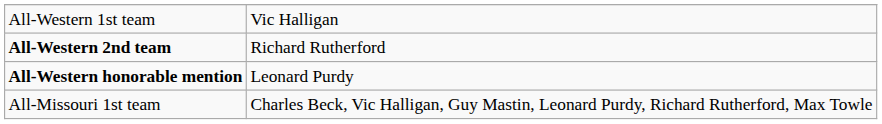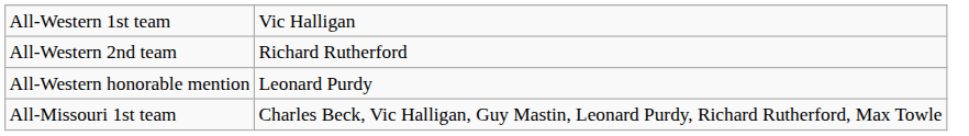 <table class="wikitable" style="font-size: 95%">
 <tr>
 </tr>
 <tr>
 <td>All-Western 1st team</td>
 <td>Vic Halligan</td>
 </tr>
 <tr>
-<td><strong>All-Western 2nd team</strong></td>
+<td>All-Western 2nd team</td>
 <td>Richard Rutherford</td>
 </tr>
 <tr>
-<td><strong>All-Western honorable mention</strong></td>
+<td>All-Western honorable mention</td>
 <td>Leonard Purdy</td>
 </tr>
 <tr>
 <td>All-Missouri 1st team</td>
 <td>Charles Beck, Vic Halligan, Guy Mastin, Leonard Purdy, Richard Rutherford, Max Towle</td>
 </tr>
 </table>
